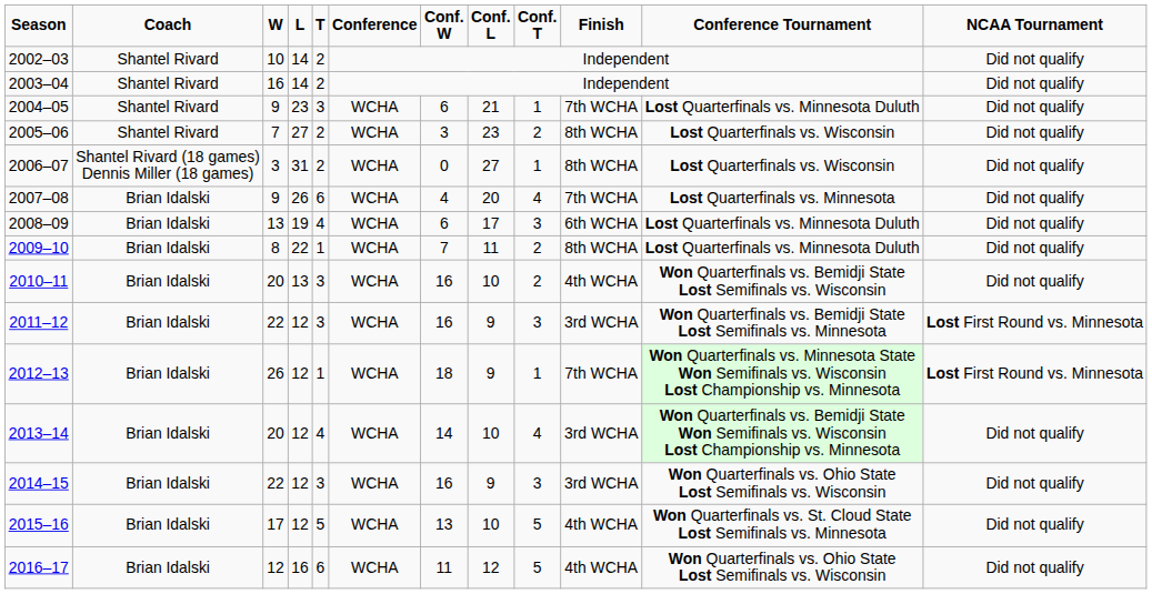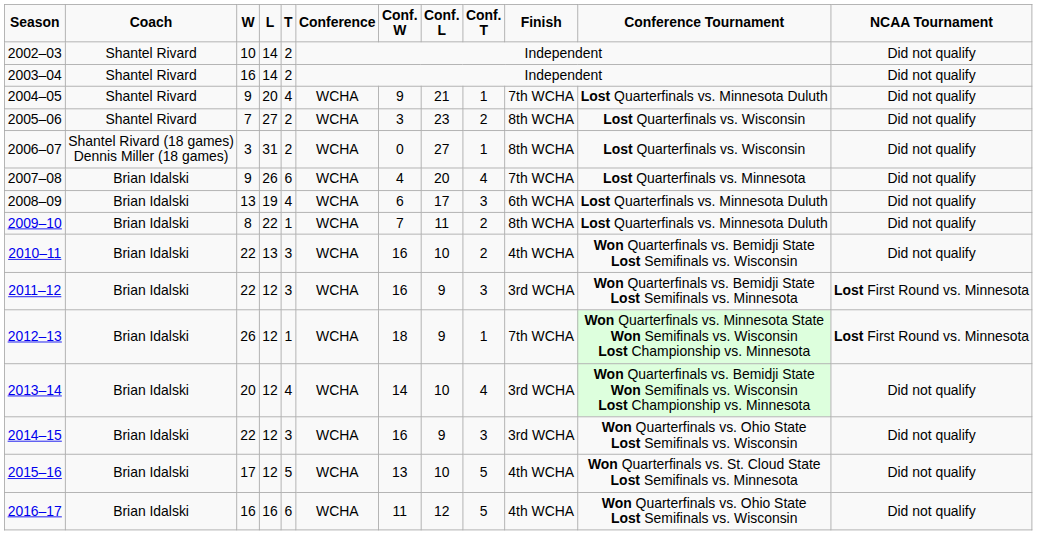 <table class="wikitable" style="text-align:center">
 <tr>
 <td><strong>Season</strong></td>
 <td><strong>Coach</strong></td>
 <td><strong>W</strong></td>
 <td><strong>L</strong></td>
 <td><strong>T</strong></td>
 <td><strong>Conference</strong></td>
 <td><strong>Conf. <br> W</strong></td>
 <td><strong>Conf. <br> L</strong></td>
 <td><strong>Conf. <br> T</strong></td>
 <td><strong>Finish</strong></td>
 <td><strong>Conference Tournament</strong></td>
 <td><strong>NCAA Tournament</strong></td>
 </tr>
 <tr>
 <td>2002–03</td>
 <td>Shantel Rivard</td>
 <td>10</td>
 <td>14</td>
 <td>2</td>
 <td colspan=6>Independent</td>
 <td>Did not qualify</td>
 </tr>
 <tr>
 <td>2003–04</td>
 <td>Shantel Rivard</td>
 <td>16</td>
 <td>14</td>
 <td>2</td>
 <td colspan=6>Independent</td>
 <td>Did not qualify</td>
 </tr>
 <tr>
 <td>2004–05</td>
 <td>Shantel Rivard</td>
 <td>9</td>
-<td>23</td>
-<td>3</td>
+<td>20</td>
+<td>4</td>
 <td>WCHA</td>
-<td>6</td>
+<td>9</td>
 <td>21</td>
 <td>1</td>
 <td>7th WCHA</td>
 <td><strong>Lost</strong> Quarterfinals vs. Minnesota Duluth </td>
 <td>Did not qualify</td>
 </tr>
 <tr>
 <td>2005–06</td>
 <td>Shantel Rivard</td>
 <td>7</td>
 <td>27</td>
 <td>2</td>
 <td>WCHA</td>
 <td>3</td>
 <td>23</td>
 <td>2</td>
 <td>8th WCHA</td>
 <td><strong>Lost</strong> Quarterfinals vs. Wisconsin </td>
 <td>Did not qualify</td>
 </tr>
 <tr>
 <td>2006–07</td>
 <td>Shantel Rivard (18 games)<br>Dennis Miller (18 games)</td>
 <td>3</td>
 <td>31</td>
 <td>2</td>
 <td>WCHA</td>
 <td>0</td>
 <td>27</td>
 <td>1</td>
 <td>8th WCHA</td>
 <td><strong>Lost</strong> Quarterfinals vs. Wisconsin </td>
 <td>Did not qualify</td>
 </tr>
 <tr>
 <td>2007–08</td>
 <td>Brian Idalski</td>
 <td>9</td>
 <td>26</td>
 <td>6</td>
 <td>WCHA</td>
 <td>4</td>
 <td>20</td>
 <td>4</td>
 <td>7th WCHA</td>
 <td><strong>Lost</strong> Quarterfinals vs. Minnesota </td>
 <td>Did not qualify</td>
 </tr>
 <tr>
 <td>2008–09</td>
 <td>Brian Idalski</td>
 <td>13</td>
 <td>19</td>
 <td>4</td>
 <td>WCHA</td>
 <td>6</td>
 <td>17</td>
 <td>3</td>
 <td>6th WCHA</td>
 <td><strong>Lost</strong> Quarterfinals vs. Minnesota Duluth </td>
 <td>Did not qualify</td>
 </tr>
 <tr>
 <td><a href='#'>2009–10</a></td>
 <td>Brian Idalski</td>
 <td>8</td>
 <td>22</td>
 <td>1</td>
 <td>WCHA</td>
 <td>7</td>
 <td>11</td>
 <td>2</td>
 <td>8th WCHA</td>
 <td><strong>Lost</strong> Quarterfinals vs. Minnesota Duluth </td>
 <td>Did not qualify</td>
 </tr>
 <tr>
 <td><a href='#'>2010–11</a></td>
 <td>Brian Idalski</td>
-<td>20</td>
+<td>22</td>
 <td>13</td>
 <td>3</td>
 <td>WCHA</td>
 <td>16</td>
 <td>10</td>
 <td>2</td>
 <td>4th WCHA</td>
 <td><strong>Won</strong> Quarterfinals vs. Bemidji State  <br> <strong>Lost</strong> Semifinals vs. Wisconsin </td>
 <td>Did not qualify</td>
 </tr>
 <tr>
 <td><a href='#'>2011–12</a></td>
 <td>Brian Idalski</td>
 <td>22</td>
 <td>12</td>
 <td>3</td>
 <td>WCHA</td>
 <td>16</td>
 <td>9</td>
 <td>3</td>
 <td>3rd WCHA</td>
 <td><strong>Won</strong> Quarterfinals vs. Bemidji State  <br> <strong>Lost</strong> Semifinals vs. Minnesota </td>
 <td><strong>Lost</strong> First Round vs. Minnesota </td>
 </tr>
 <tr>
 <td><a href='#'>2012–13</a></td>
 <td>Brian Idalski</td>
 <td>26</td>
 <td>12</td>
 <td>1</td>
 <td>WCHA</td>
 <td>18</td>
 <td>9</td>
 <td>1</td>
 <td>7th WCHA</td>
 <td style="background: #ddffdd;"><strong>Won</strong> Quarterfinals vs. Minnesota State  <br> <strong>Won</strong> Semifinals vs. Wisconsin  <br> <strong>Lost</strong> Championship vs. Minnesota </td>
 <td><strong>Lost</strong> First Round vs. Minnesota </td>
 </tr>
 <tr>
 <td><a href='#'>2013–14</a></td>
 <td>Brian Idalski</td>
 <td>20</td>
 <td>12</td>
 <td>4</td>
 <td>WCHA</td>
 <td>14</td>
 <td>10</td>
 <td>4</td>
 <td>3rd WCHA</td>
 <td style="background: #ddffdd;"><strong>Won</strong> Quarterfinals vs. Bemidji State  <br> <strong>Won</strong> Semifinals vs. Wisconsin  <br> <strong>Lost</strong> Championship vs. Minnesota </td>
 <td>Did not qualify</td>
 </tr>
 <tr>
 <td><a href='#'>2014–15</a></td>
 <td>Brian Idalski</td>
 <td>22</td>
 <td>12</td>
 <td>3</td>
 <td>WCHA</td>
 <td>16</td>
 <td>9</td>
 <td>3</td>
 <td>3rd WCHA</td>
 <td><strong>Won</strong> Quarterfinals vs. Ohio State  <br> <strong>Lost</strong> Semifinals vs. Wisconsin </td>
 <td>Did not qualify</td>
 </tr>
 <tr>
 <td><a href='#'>2015–16</a></td>
 <td>Brian Idalski</td>
 <td>17</td>
 <td>12</td>
 <td>5</td>
 <td>WCHA</td>
 <td>13</td>
 <td>10</td>
 <td>5</td>
 <td>4th WCHA</td>
 <td><strong>Won</strong> Quarterfinals vs. St. Cloud State  <br> <strong>Lost</strong> Semifinals vs. Minnesota </td>
 <td>Did not qualify</td>
 </tr>
 <tr>
 <td><a href='#'>2016–17</a></td>
 <td>Brian Idalski</td>
-<td>12</td>
+<td>16</td>
 <td>16</td>
 <td>6</td>
 <td>WCHA</td>
 <td>11</td>
 <td>12</td>
 <td>5</td>
 <td>4th WCHA</td>
 <td><strong>Won</strong> Quarterfinals vs. Ohio State  <br> <strong>Lost</strong> Semifinals vs. Wisconsin </td>
 <td>Did not qualify</td>
 </tr>
 </table>
